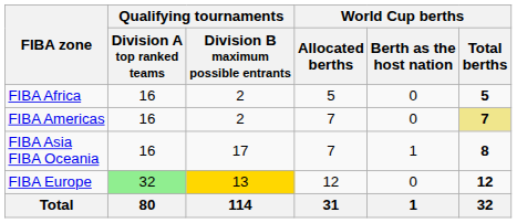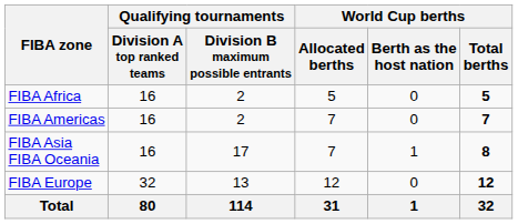 <table class=wikitable style="text-align:center;">
 <tr>
 <th rowspan=2>FIBA zone</th>
 <th colspan=2>Qualifying tournaments</th>
 <th colspan=3>World Cup berths</th>
 </tr>
 <tr>
 <th>Division A <br> <small>top ranked<br>teams</small></th>
 <th>Division B <br> <small>maximum <br>possible entrants</small></th>
 <th>Allocated <br> berths</th>
 <th>Berth as the<br>  host nation</th>
 <th>Total <br> berths</th>
 </tr>
 <tr>
 <td align=left><a href='#'>FIBA Africa</a></td>
 <td>16</td>
 <td>2</td>
 <td>5</td>
 <td>0</td>
 <td><strong>5</strong></td>
 </tr>
 <tr>
 <td align=left><a href='#'>FIBA Americas</a></td>
 <td>16</td>
 <td>2</td>
 <td>7</td>
 <td>0</td>
-<td style="background: khaki;"><strong>7</strong></td>
+<td><strong>7</strong></td>
 </tr>
 <tr>
 <td align=left><a href='#'>FIBA Asia</a><br><a href='#'>FIBA Oceania</a></td>
 <td>16</td>
 <td>17</td>
 <td>7</td>
 <td>1</td>
 <td><strong>8</strong></td>
 </tr>
 <tr>
 <td align=left><a href='#'>FIBA Europe</a></td>
-<td style="background: lightgreen;">32</td>
-<td style="background: gold;">13</td>
+<td>32</td>
+<td>13</td>
 <td>12</td>
 <td>0</td>
 <td><strong>12</strong></td>
 </tr>
 <tr>
 <th>Total</th>
 <th>80</th>
 <th>114</th>
 <th>31</th>
 <th>1</th>
 <th>32</th>
 </tr>
 </table>
